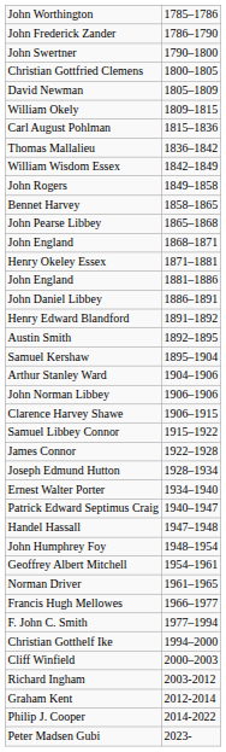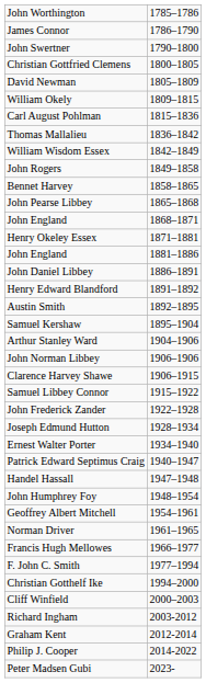 <table class="wikitable">
 <tr>
 <td>John Worthington</td>
 <td>1785–1786</td>
 </tr>
 <tr>
-<td>John Frederick Zander</td>
+<td>James Connor</td>
 <td>1786–1790</td>
 </tr>
 <tr>
 <td>John Swertner</td>
 <td>1790–1800</td>
 </tr>
 <tr>
 <td>Christian Gottfried Clemens</td>
 <td>1800–1805</td>
 </tr>
 <tr>
 <td>David Newman</td>
 <td>1805–1809</td>
 </tr>
 <tr>
 <td>William Okely</td>
 <td>1809–1815</td>
 </tr>
 <tr>
 <td>Carl August Pohlman</td>
 <td>1815–1836</td>
 </tr>
 <tr>
 <td>Thomas Mallalieu</td>
 <td>1836–1842</td>
 </tr>
 <tr>
 <td>William Wisdom Essex</td>
 <td>1842–1849</td>
 </tr>
 <tr>
 <td>John Rogers</td>
 <td>1849–1858</td>
 </tr>
 <tr>
 <td>Bennet Harvey</td>
 <td>1858–1865</td>
 </tr>
 <tr>
 <td>John Pearse Libbey</td>
 <td>1865–1868</td>
 </tr>
 <tr>
 <td>John England</td>
 <td>1868–1871</td>
 </tr>
 <tr>
 <td>Henry Okeley Essex</td>
 <td>1871–1881</td>
 </tr>
 <tr>
 <td>John England</td>
 <td>1881–1886</td>
 </tr>
 <tr>
 <td>John Daniel Libbey</td>
 <td>1886–1891</td>
 </tr>
 <tr>
 <td>Henry Edward Blandford</td>
 <td>1891–1892</td>
 </tr>
 <tr>
 <td>Austin Smith</td>
 <td>1892–1895</td>
 </tr>
 <tr>
 <td>Samuel Kershaw</td>
 <td>1895–1904</td>
 </tr>
 <tr>
 <td>Arthur Stanley Ward</td>
 <td>1904–1906</td>
 </tr>
 <tr>
 <td>John Norman Libbey</td>
 <td>1906–1906</td>
 </tr>
 <tr>
 <td>Clarence Harvey Shawe</td>
 <td>1906–1915</td>
 </tr>
 <tr>
 <td>Samuel Libbey Connor</td>
 <td>1915–1922</td>
 </tr>
 <tr>
-<td>James Connor</td>
+<td>John Frederick Zander</td>
 <td>1922–1928</td>
 </tr>
 <tr>
 <td>Joseph Edmund Hutton</td>
 <td>1928–1934</td>
 </tr>
 <tr>
 <td>Ernest Walter Porter</td>
 <td>1934–1940</td>
 </tr>
 <tr>
 <td>Patrick Edward Septimus Craig</td>
 <td>1940–1947</td>
 </tr>
 <tr>
 <td>Handel Hassall</td>
 <td>1947–1948</td>
 </tr>
 <tr>
 <td>John Humphrey Foy</td>
 <td>1948–1954</td>
 </tr>
 <tr>
 <td>Geoffrey Albert Mitchell</td>
 <td>1954–1961</td>
 </tr>
 <tr>
 <td>Norman Driver</td>
 <td>1961–1965</td>
 </tr>
 <tr>
 <td>Francis Hugh Mellowes</td>
 <td>1966–1977</td>
 </tr>
 <tr>
 <td>F. John C. Smith</td>
 <td>1977–1994</td>
 </tr>
 <tr>
 <td>Christian Gotthelf Ike</td>
 <td>1994–2000</td>
 </tr>
 <tr>
 <td>Cliff Winfield</td>
 <td>2000–2003</td>
 </tr>
 <tr>
 <td>Richard Ingham</td>
 <td>2003-2012</td>
 </tr>
 <tr>
 <td>Graham Kent</td>
 <td>2012-2014</td>
 </tr>
 <tr>
 <td>Philip J. Cooper</td>
 <td>2014-2022</td>
 </tr>
 <tr>
 <td>Peter Madsen Gubi</td>
 <td>2023-</td>
 </tr>
 </table>
